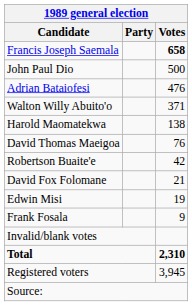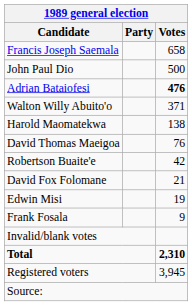 <table class=wikitable style=text-align:left>
 <tr>
 <th colspan=3><a href='#'>1989 general election</a></th>
 </tr>
 <tr>
 <th>Candidate</th>
 <th>Party</th>
 <th>Votes</th>
 </tr>
 <tr>
 <td><a href='#'>Francis Joseph Saemala</a></td>
 <td></td>
-<td align=right><strong>658</strong></td>
+<td align=right>658</td>
 </tr>
 <tr>
 <td>John Paul Dio</td>
 <td></td>
 <td align=right>500</td>
 </tr>
 <tr>
 <td><a href='#'>Adrian Bataiofesi</a></td>
 <td></td>
-<td align=right>476</td>
+<td align=right><strong>476</strong></td>
 </tr>
 <tr>
 <td>Walton Willy Abuito'o</td>
 <td></td>
 <td align=right>371</td>
 </tr>
 <tr>
 <td>Harold Maomatekwa</td>
 <td></td>
 <td align=right>138</td>
 </tr>
 <tr>
 <td>David Thomas Maeigoa</td>
 <td></td>
 <td align=right>76</td>
 </tr>
 <tr>
 <td>Robertson Buaite'e</td>
 <td></td>
 <td align=right>42</td>
 </tr>
 <tr>
 <td>David Fox Folomane</td>
 <td></td>
 <td align=right>21</td>
 </tr>
 <tr>
 <td>Edwin Misi</td>
 <td></td>
 <td align=right>19</td>
 </tr>
 <tr>
 <td>Frank Fosala</td>
 <td></td>
 <td align=right>9</td>
 </tr>
 <tr>
 <td colspan=2>Invalid/blank votes</td>
 <td align=right></td>
 </tr>
 <tr>
 <td colspan=2><strong>Total</strong></td>
 <td align=right><strong>2,310</strong></td>
 </tr>
 <tr>
 <td colspan=2>Registered voters</td>
 <td align=right>3,945</td>
 </tr>
 <tr>
 <td colspan=3>Source: </td>
 </tr>
 </table>
